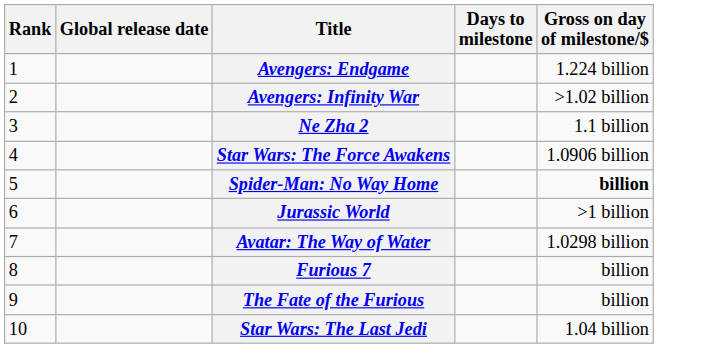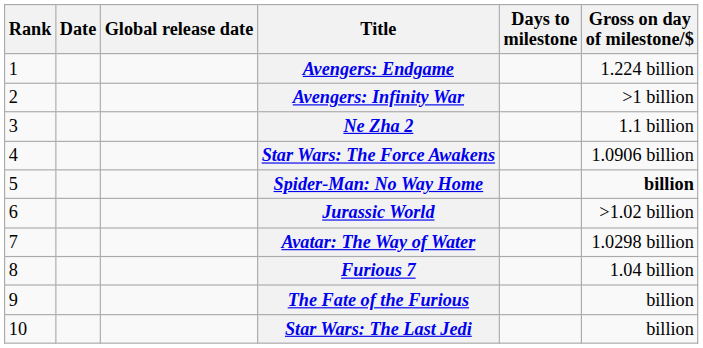 <table class="wikitable">
 <tr>
 <th scope="col">Rank</th>
+<th scope="col">Date</th>
 <th>Global release date</th>
 <th scope="col">Title</th>
 <th scope="col">Days to<br> milestone</th>
 <th scope="col">Gross on day<br> of milestone/$</th>
 </tr>
 <tr>
 <td>1</td>
 <td></td>
+<td></td>
 <th scope="row"><em><a href='#'>Avengers: Endgame</a></em></th>
 <td style="text-align:right;"></td>
 <td style="text-align:right;">1.224 billion</td>
 </tr>
 <tr>
 <td>2</td>
 <td></td>
+<td></td>
 <th scope="row"><em><a href='#'>Avengers: Infinity War</a></em></th>
 <td style="text-align:right;"></td>
-<td style="text-align:right;">>1.02 billion</td>
+<td style="text-align:right;">>1 billion</td>
 </tr>
 <tr>
 <td>3</td>
+<td></td>
 <td></td>
 <th scope="row"><em><a href='#'>Ne Zha 2</a></em></th>
 <td style="text-align:right;"></td>
 <td style="text-align:right;">1.1 billion</td>
 </tr>
 <tr>
 <td>4</td>
 <td></td>
+<td></td>
 <th scope="row"><em><a href='#'>Star Wars: The Force Awakens</a></em></th>
 <td style="text-align:right;"></td>
 <td style="text-align:right;">1.0906 billion</td>
 </tr>
 <tr>
 <td>5</td>
+<td></td>
 <td></td>
 <th scope="row"><em><a href='#'>Spider-Man: No Way Home</a></em></th>
 <td style="text-align:right;"></td>
 <td style="text-align:right;"><strong> billion</strong></td>
 </tr>
 <tr>
 <td>6</td>
 <td></td>
+<td></td>
 <th scope="row"><em><a href='#'>Jurassic World</a></em></th>
 <td style="text-align:right;"></td>
-<td style="text-align:right;">>1 billion</td>
+<td style="text-align:right;">>1.02 billion</td>
 </tr>
 <tr>
 <td>7</td>
+<td></td>
 <td></td>
 <th scope="row"><em><a href='#'>Avatar: The Way of Water</a></em></th>
 <td style="text-align:right;"></td>
 <td style="text-align:right;">1.0298 billion</td>
 </tr>
 <tr>
 <td>8</td>
 <td></td>
+<td></td>
 <th scope="row"><em><a href='#'>Furious 7</a></em></th>
 <td style="text-align:right;"></td>
-<td style="text-align:right;"> billion</td>
+<td style="text-align:right;">1.04 billion</td>
 </tr>
 <tr>
 <td>9</td>
+<td></td>
 <td></td>
 <th scope="row"><em><a href='#'>The Fate of the Furious</a></em></th>
 <td style="text-align:right;"></td>
 <td style="text-align:right;"> billion</td>
 </tr>
 <tr>
 <td>10</td>
 <td></td>
+<td></td>
 <th scope="row"><em><a href='#'>Star Wars: The Last Jedi</a></em></th>
 <td style="text-align:right;"></td>
-<td style="text-align:right;">1.04 billion</td>
+<td style="text-align:right;"> billion</td>
 </tr>
 </table>
